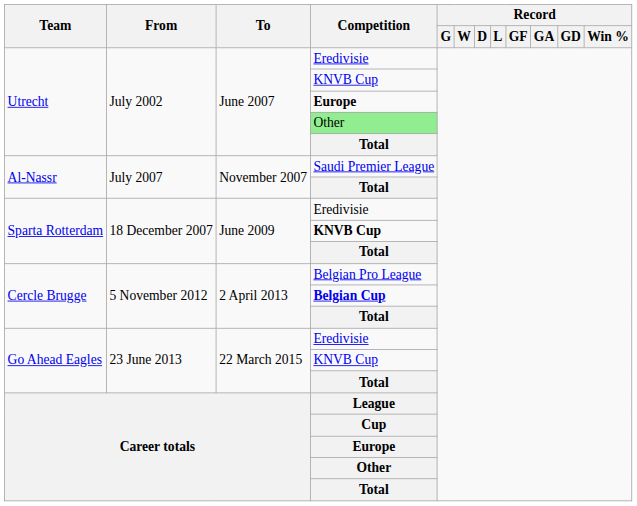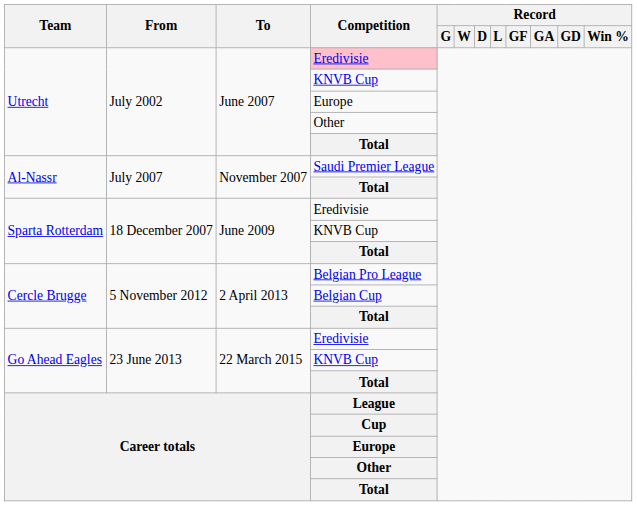 <table class="wikitable" style="text-align: center">
 <tr>
 <th rowspan=2>Team</th>
 <th rowspan=2>From</th>
 <th rowspan=2>To</th>
 <th rowspan=2>Competition</th>
 <th colspan=8>Record</th>
 </tr>
 <tr>
 <th>G</th>
 <th>W</th>
 <th>D</th>
 <th>L</th>
 <th>GF</th>
 <th>GA</th>
 <th>GD</th>
 <th>Win %</th>
 </tr>
 <tr>
 <td rowspan=5 align="left"><a href='#'>Utrecht</a></td>
 <td rowspan=5 align="left">July 2002</td>
 <td rowspan=5 align="left">June 2007</td>
-<td align="left"><a href='#'>Eredivisie</a><br></td>
+<td align="left" style="background: pink;"><a href='#'>Eredivisie</a><br></td>
 </tr>
 <tr>
 <td align="left"><a href='#'>KNVB Cup</a><br></td>
 </tr>
 <tr>
-<td align="left"><strong>Europe<br></strong></td>
+<td align="left">Europe<br></td>
 </tr>
 <tr>
-<td align="left" style="background: lightgreen;">Other<br></td>
+<td align="left">Other<br></td>
 </tr>
 <tr>
 <th>Total<br></th>
 </tr>
 <tr>
 <td rowspan=2 align="left"><a href='#'>Al-Nassr</a></td>
 <td rowspan=2 align="left">July 2007</td>
 <td rowspan=2 align="left">November 2007</td>
 <td align="left"><a href='#'>Saudi Premier League</a><br></td>
 </tr>
 <tr>
 <th>Total<br></th>
 </tr>
 <tr>
 <td rowspan=3 align="left"><a href='#'>Sparta Rotterdam</a></td>
 <td rowspan=3 align="left">18 December 2007</td>
 <td rowspan=3 align="left">June 2009</td>
 <td align="left">Eredivisie<br></td>
 </tr>
 <tr>
-<td align="left"><strong>KNVB Cup<br></strong></td>
+<td align="left">KNVB Cup<br></td>
 </tr>
 <tr>
 <th>Total<br></th>
 </tr>
 <tr>
 <td rowspan=3 align="left"><a href='#'>Cercle Brugge</a></td>
 <td rowspan=3 align="left">5 November 2012</td>
 <td rowspan=3 align="left">2 April 2013</td>
 <td align="left"><a href='#'>Belgian Pro League</a><br></td>
 </tr>
 <tr>
-<td align="left"><strong><a href='#'>Belgian Cup</a><br></strong></td>
+<td align="left"><a href='#'>Belgian Cup</a><br></td>
 </tr>
 <tr>
 <th>Total<br></th>
 </tr>
 <tr>
 <td rowspan=3 align="left"><a href='#'>Go Ahead Eagles</a></td>
 <td rowspan=3 align="left">23 June 2013</td>
 <td rowspan=3 align="left">22 March 2015</td>
 <td align="left"><a href='#'>Eredivisie</a><br></td>
 </tr>
 <tr>
 <td align="left"><a href='#'>KNVB Cup</a><br></td>
 </tr>
 <tr>
 <th>Total<br></th>
 </tr>
 <tr>
 <th rowspan=5 colspan=3>Career totals</th>
 <th>League<br></th>
 </tr>
 <tr>
 <th>Cup<br></th>
 </tr>
 <tr>
 <th>Europe<br></th>
 </tr>
 <tr>
 <th>Other<br></th>
 </tr>
 <tr>
 <th>Total<br></th>
 </tr>
 </table>
